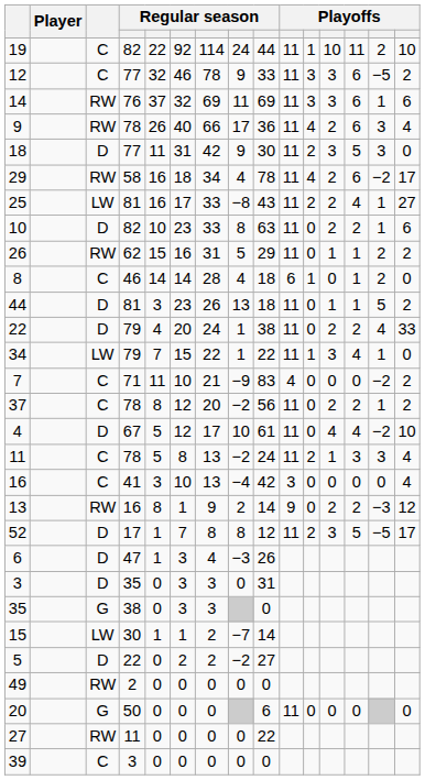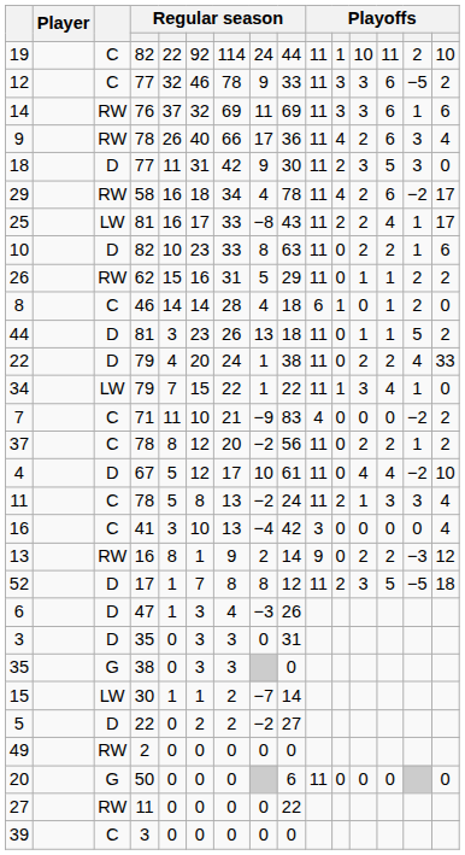 <table class="wikitable sortable plainrowheaders" style="text-align:center;">
 <tr>
 <th scope="col" data-sort-type="number" rowspan="2"></th>
 <th scope="col" rowspan="2">Player</th>
 <th scope="col" rowspan="2"></th>
 <th scope=colgroup colspan=6>Regular season</th>
 <th scope=colgroup colspan=6>Playoffs</th>
 </tr>
 <tr>
 <th scope="col" data-sort-type="number"></th>
 <th scope="col" data-sort-type="number"></th>
 <th scope="col" data-sort-type="number"></th>
 <th scope="col" data-sort-type="number"></th>
 <th scope="col" data-sort-type="number"></th>
 <th scope="col" data-sort-type="number"></th>
 <th scope="col" data-sort-type="number"></th>
 <th scope="col" data-sort-type="number"></th>
 <th scope="col" data-sort-type="number"></th>
 <th scope="col" data-sort-type="number"></th>
 <th scope="col" data-sort-type="number"></th>
 <th scope="col" data-sort-type="number"></th>
 </tr>
 <tr>
 <td scope="row">19</td>
 <td align="left"></td>
 <td>C</td>
 <td>82</td>
 <td>22</td>
 <td>92</td>
 <td>114</td>
 <td>24</td>
 <td>44</td>
 <td>11</td>
 <td>1</td>
 <td>10</td>
 <td>11</td>
 <td>2</td>
 <td>10</td>
 </tr>
 <tr>
 <td scope="row">12</td>
 <td align="left"></td>
 <td>C</td>
 <td>77</td>
 <td>32</td>
 <td>46</td>
 <td>78</td>
 <td>9</td>
 <td>33</td>
 <td>11</td>
 <td>3</td>
 <td>3</td>
 <td>6</td>
 <td>−5</td>
 <td>2</td>
 </tr>
 <tr>
 <td scope="row">14</td>
 <td align="left"></td>
 <td>RW</td>
 <td>76</td>
 <td>37</td>
 <td>32</td>
 <td>69</td>
 <td>11</td>
 <td>69</td>
 <td>11</td>
 <td>3</td>
 <td>3</td>
 <td>6</td>
 <td>1</td>
 <td>6</td>
 </tr>
 <tr>
 <td scope="row">9</td>
 <td align="left"></td>
 <td>RW</td>
 <td>78</td>
 <td>26</td>
 <td>40</td>
 <td>66</td>
 <td>17</td>
 <td>36</td>
 <td>11</td>
 <td>4</td>
 <td>2</td>
 <td>6</td>
 <td>3</td>
 <td>4</td>
 </tr>
 <tr>
 <td scope="row">18</td>
 <td align="left"></td>
 <td>D</td>
 <td>77</td>
 <td>11</td>
 <td>31</td>
 <td>42</td>
 <td>9</td>
 <td>30</td>
 <td>11</td>
 <td>2</td>
 <td>3</td>
 <td>5</td>
 <td>3</td>
 <td>0</td>
 </tr>
 <tr>
 <td scope="row">29</td>
 <td align="left"></td>
 <td>RW</td>
 <td>58</td>
 <td>16</td>
 <td>18</td>
 <td>34</td>
 <td>4</td>
 <td>78</td>
 <td>11</td>
 <td>4</td>
 <td>2</td>
 <td>6</td>
 <td>−2</td>
 <td>17</td>
 </tr>
 <tr>
 <td scope="row">25</td>
 <td align="left"></td>
 <td>LW</td>
 <td>81</td>
 <td>16</td>
 <td>17</td>
 <td>33</td>
 <td>−8</td>
 <td>43</td>
 <td>11</td>
 <td>2</td>
 <td>2</td>
 <td>4</td>
 <td>1</td>
-<td>27</td>
+<td>17</td>
 </tr>
 <tr>
 <td scope="row">10</td>
 <td align="left"></td>
 <td>D</td>
 <td>82</td>
 <td>10</td>
 <td>23</td>
 <td>33</td>
 <td>8</td>
 <td>63</td>
 <td>11</td>
 <td>0</td>
 <td>2</td>
 <td>2</td>
 <td>1</td>
 <td>6</td>
 </tr>
 <tr>
 <td scope="row">26</td>
 <td align="left"></td>
 <td>RW</td>
 <td>62</td>
 <td>15</td>
 <td>16</td>
 <td>31</td>
 <td>5</td>
 <td>29</td>
 <td>11</td>
 <td>0</td>
 <td>1</td>
 <td>1</td>
 <td>2</td>
 <td>2</td>
 </tr>
 <tr>
 <td scope="row">8</td>
 <td align="left"></td>
 <td>C</td>
 <td>46</td>
 <td>14</td>
 <td>14</td>
 <td>28</td>
 <td>4</td>
 <td>18</td>
 <td>6</td>
 <td>1</td>
 <td>0</td>
 <td>1</td>
 <td>2</td>
 <td>0</td>
 </tr>
 <tr>
 <td scope="row">44</td>
 <td align="left"></td>
 <td>D</td>
 <td>81</td>
 <td>3</td>
 <td>23</td>
 <td>26</td>
 <td>13</td>
 <td>18</td>
 <td>11</td>
 <td>0</td>
 <td>1</td>
 <td>1</td>
 <td>5</td>
 <td>2</td>
 </tr>
 <tr>
 <td scope="row">22</td>
 <td align="left"></td>
 <td>D</td>
 <td>79</td>
 <td>4</td>
 <td>20</td>
 <td>24</td>
 <td>1</td>
 <td>38</td>
 <td>11</td>
 <td>0</td>
 <td>2</td>
 <td>2</td>
 <td>4</td>
 <td>33</td>
 </tr>
 <tr>
 <td scope="row">34</td>
 <td align="left"></td>
 <td>LW</td>
 <td>79</td>
 <td>7</td>
 <td>15</td>
 <td>22</td>
 <td>1</td>
 <td>22</td>
 <td>11</td>
 <td>1</td>
 <td>3</td>
 <td>4</td>
 <td>1</td>
 <td>0</td>
 </tr>
 <tr>
 <td scope="row">7</td>
 <td align="left"></td>
 <td>C</td>
 <td>71</td>
 <td>11</td>
 <td>10</td>
 <td>21</td>
 <td>−9</td>
 <td>83</td>
 <td>4</td>
 <td>0</td>
 <td>0</td>
 <td>0</td>
 <td>−2</td>
 <td>2</td>
 </tr>
 <tr>
 <td scope="row">37</td>
 <td align="left"></td>
 <td>C</td>
 <td>78</td>
 <td>8</td>
 <td>12</td>
 <td>20</td>
 <td>−2</td>
 <td>56</td>
 <td>11</td>
 <td>0</td>
 <td>2</td>
 <td>2</td>
 <td>1</td>
 <td>2</td>
 </tr>
 <tr>
 <td scope="row">4</td>
 <td align="left"></td>
 <td>D</td>
 <td>67</td>
 <td>5</td>
 <td>12</td>
 <td>17</td>
 <td>10</td>
 <td>61</td>
 <td>11</td>
 <td>0</td>
 <td>4</td>
 <td>4</td>
 <td>−2</td>
 <td>10</td>
 </tr>
 <tr>
 <td scope="row">11</td>
 <td align="left"></td>
 <td>C</td>
 <td>78</td>
 <td>5</td>
 <td>8</td>
 <td>13</td>
 <td>−2</td>
 <td>24</td>
 <td>11</td>
 <td>2</td>
 <td>1</td>
 <td>3</td>
 <td>3</td>
 <td>4</td>
 </tr>
 <tr>
 <td scope="row">16</td>
 <td align="left"></td>
 <td>C</td>
 <td>41</td>
 <td>3</td>
 <td>10</td>
 <td>13</td>
 <td>−4</td>
 <td>42</td>
 <td>3</td>
 <td>0</td>
 <td>0</td>
 <td>0</td>
 <td>0</td>
 <td>4</td>
 </tr>
 <tr>
 <td scope="row">13</td>
 <td align="left"></td>
 <td>RW</td>
 <td>16</td>
 <td>8</td>
 <td>1</td>
 <td>9</td>
 <td>2</td>
 <td>14</td>
 <td>9</td>
 <td>0</td>
 <td>2</td>
 <td>2</td>
 <td>−3</td>
 <td>12</td>
 </tr>
 <tr>
 <td scope="row">52</td>
 <td align="left"></td>
 <td>D</td>
 <td>17</td>
 <td>1</td>
 <td>7</td>
 <td>8</td>
 <td>8</td>
 <td>12</td>
 <td>11</td>
 <td>2</td>
 <td>3</td>
 <td>5</td>
 <td>−5</td>
-<td>17</td>
+<td>18</td>
 </tr>
 <tr>
 <td scope="row">6</td>
 <td align="left"></td>
 <td>D</td>
 <td>47</td>
 <td>1</td>
 <td>3</td>
 <td>4</td>
 <td>−3</td>
 <td>26</td>
 <td></td>
 <td></td>
 <td></td>
 <td></td>
 <td></td>
 <td></td>
 </tr>
 <tr>
 <td scope="row">3</td>
 <td align="left"></td>
 <td>D</td>
 <td>35</td>
 <td>0</td>
 <td>3</td>
 <td>3</td>
 <td>0</td>
 <td>31</td>
 <td></td>
 <td></td>
 <td></td>
 <td></td>
 <td></td>
 <td></td>
 </tr>
 <tr>
 <td scope="row">35</td>
 <td align="left"></td>
 <td>G</td>
 <td>38</td>
 <td>0</td>
 <td>3</td>
 <td>3</td>
 <td style="background:#ccc"></td>
 <td>0</td>
 <td></td>
 <td></td>
 <td></td>
 <td></td>
 <td></td>
 <td></td>
 </tr>
 <tr>
 <td scope="row">15</td>
 <td align="left"></td>
 <td>LW</td>
 <td>30</td>
 <td>1</td>
 <td>1</td>
 <td>2</td>
 <td>−7</td>
 <td>14</td>
 <td></td>
 <td></td>
 <td></td>
 <td></td>
 <td></td>
 <td></td>
 </tr>
 <tr>
 <td scope="row">5</td>
 <td align="left"></td>
 <td>D</td>
 <td>22</td>
 <td>0</td>
 <td>2</td>
 <td>2</td>
 <td>−2</td>
 <td>27</td>
 <td></td>
 <td></td>
 <td></td>
 <td></td>
 <td></td>
 <td></td>
 </tr>
 <tr>
 <td scope="row">49</td>
 <td align="left"></td>
 <td>RW</td>
 <td>2</td>
 <td>0</td>
 <td>0</td>
 <td>0</td>
 <td>0</td>
 <td>0</td>
 <td></td>
 <td></td>
 <td></td>
 <td></td>
 <td></td>
 <td></td>
 </tr>
 <tr>
 <td scope="row">20</td>
 <td align="left"></td>
 <td>G</td>
 <td>50</td>
 <td>0</td>
 <td>0</td>
 <td>0</td>
 <td style="background:#ccc"></td>
 <td>6</td>
 <td>11</td>
 <td>0</td>
 <td>0</td>
 <td>0</td>
 <td style="background:#ccc"></td>
 <td>0</td>
 </tr>
 <tr>
 <td scope="row">27</td>
 <td align="left"></td>
 <td>RW</td>
 <td>11</td>
 <td>0</td>
 <td>0</td>
 <td>0</td>
 <td>0</td>
 <td>22</td>
 <td></td>
 <td></td>
 <td></td>
 <td></td>
 <td></td>
 <td></td>
 </tr>
 <tr>
 <td scope="row">39</td>
 <td align="left"></td>
 <td>C</td>
 <td>3</td>
 <td>0</td>
 <td>0</td>
 <td>0</td>
 <td>0</td>
 <td>0</td>
 <td></td>
 <td></td>
 <td></td>
 <td></td>
 <td></td>
 <td></td>
 </tr>
 </table>
